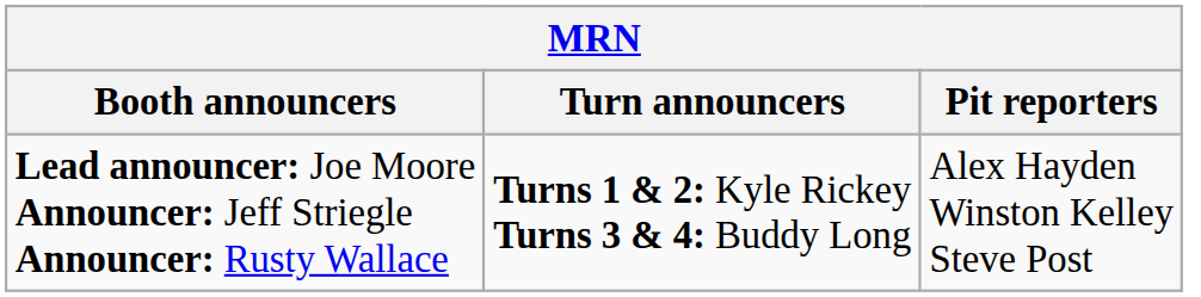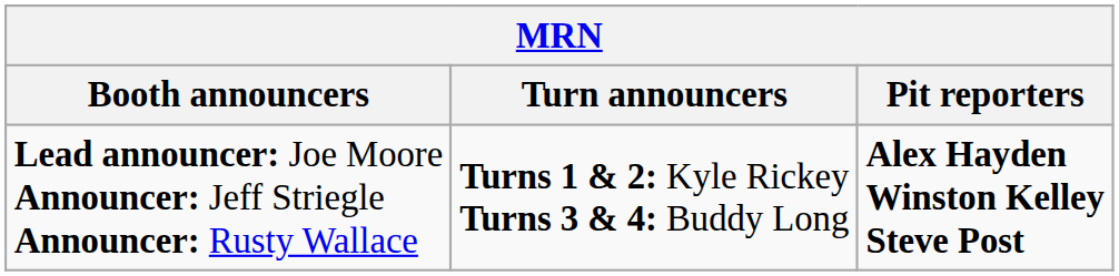 <table class="wikitable" style="font-size: 95%">
 <tr>
 <th colspan="3"><a href='#'>MRN</a></th>
 </tr>
 <tr>
 <th>Booth announcers</th>
 <th>Turn announcers</th>
 <th>Pit reporters</th>
 </tr>
 <tr>
 <td><strong>Lead announcer:</strong> Joe Moore<br><strong>Announcer:</strong> Jeff Striegle<br><strong>Announcer:</strong> <a href='#'>Rusty Wallace</a></td>
 <td><strong>Turns 1 & 2:</strong> Kyle Rickey<br><strong>Turns 3 & 4:</strong> Buddy Long</td>
-<td>Alex Hayden<br>Winston Kelley<br>Steve Post</td>
+<td><strong>Alex Hayden<br>Winston Kelley<br>Steve Post</strong></td>
 </tr>
 </table>
